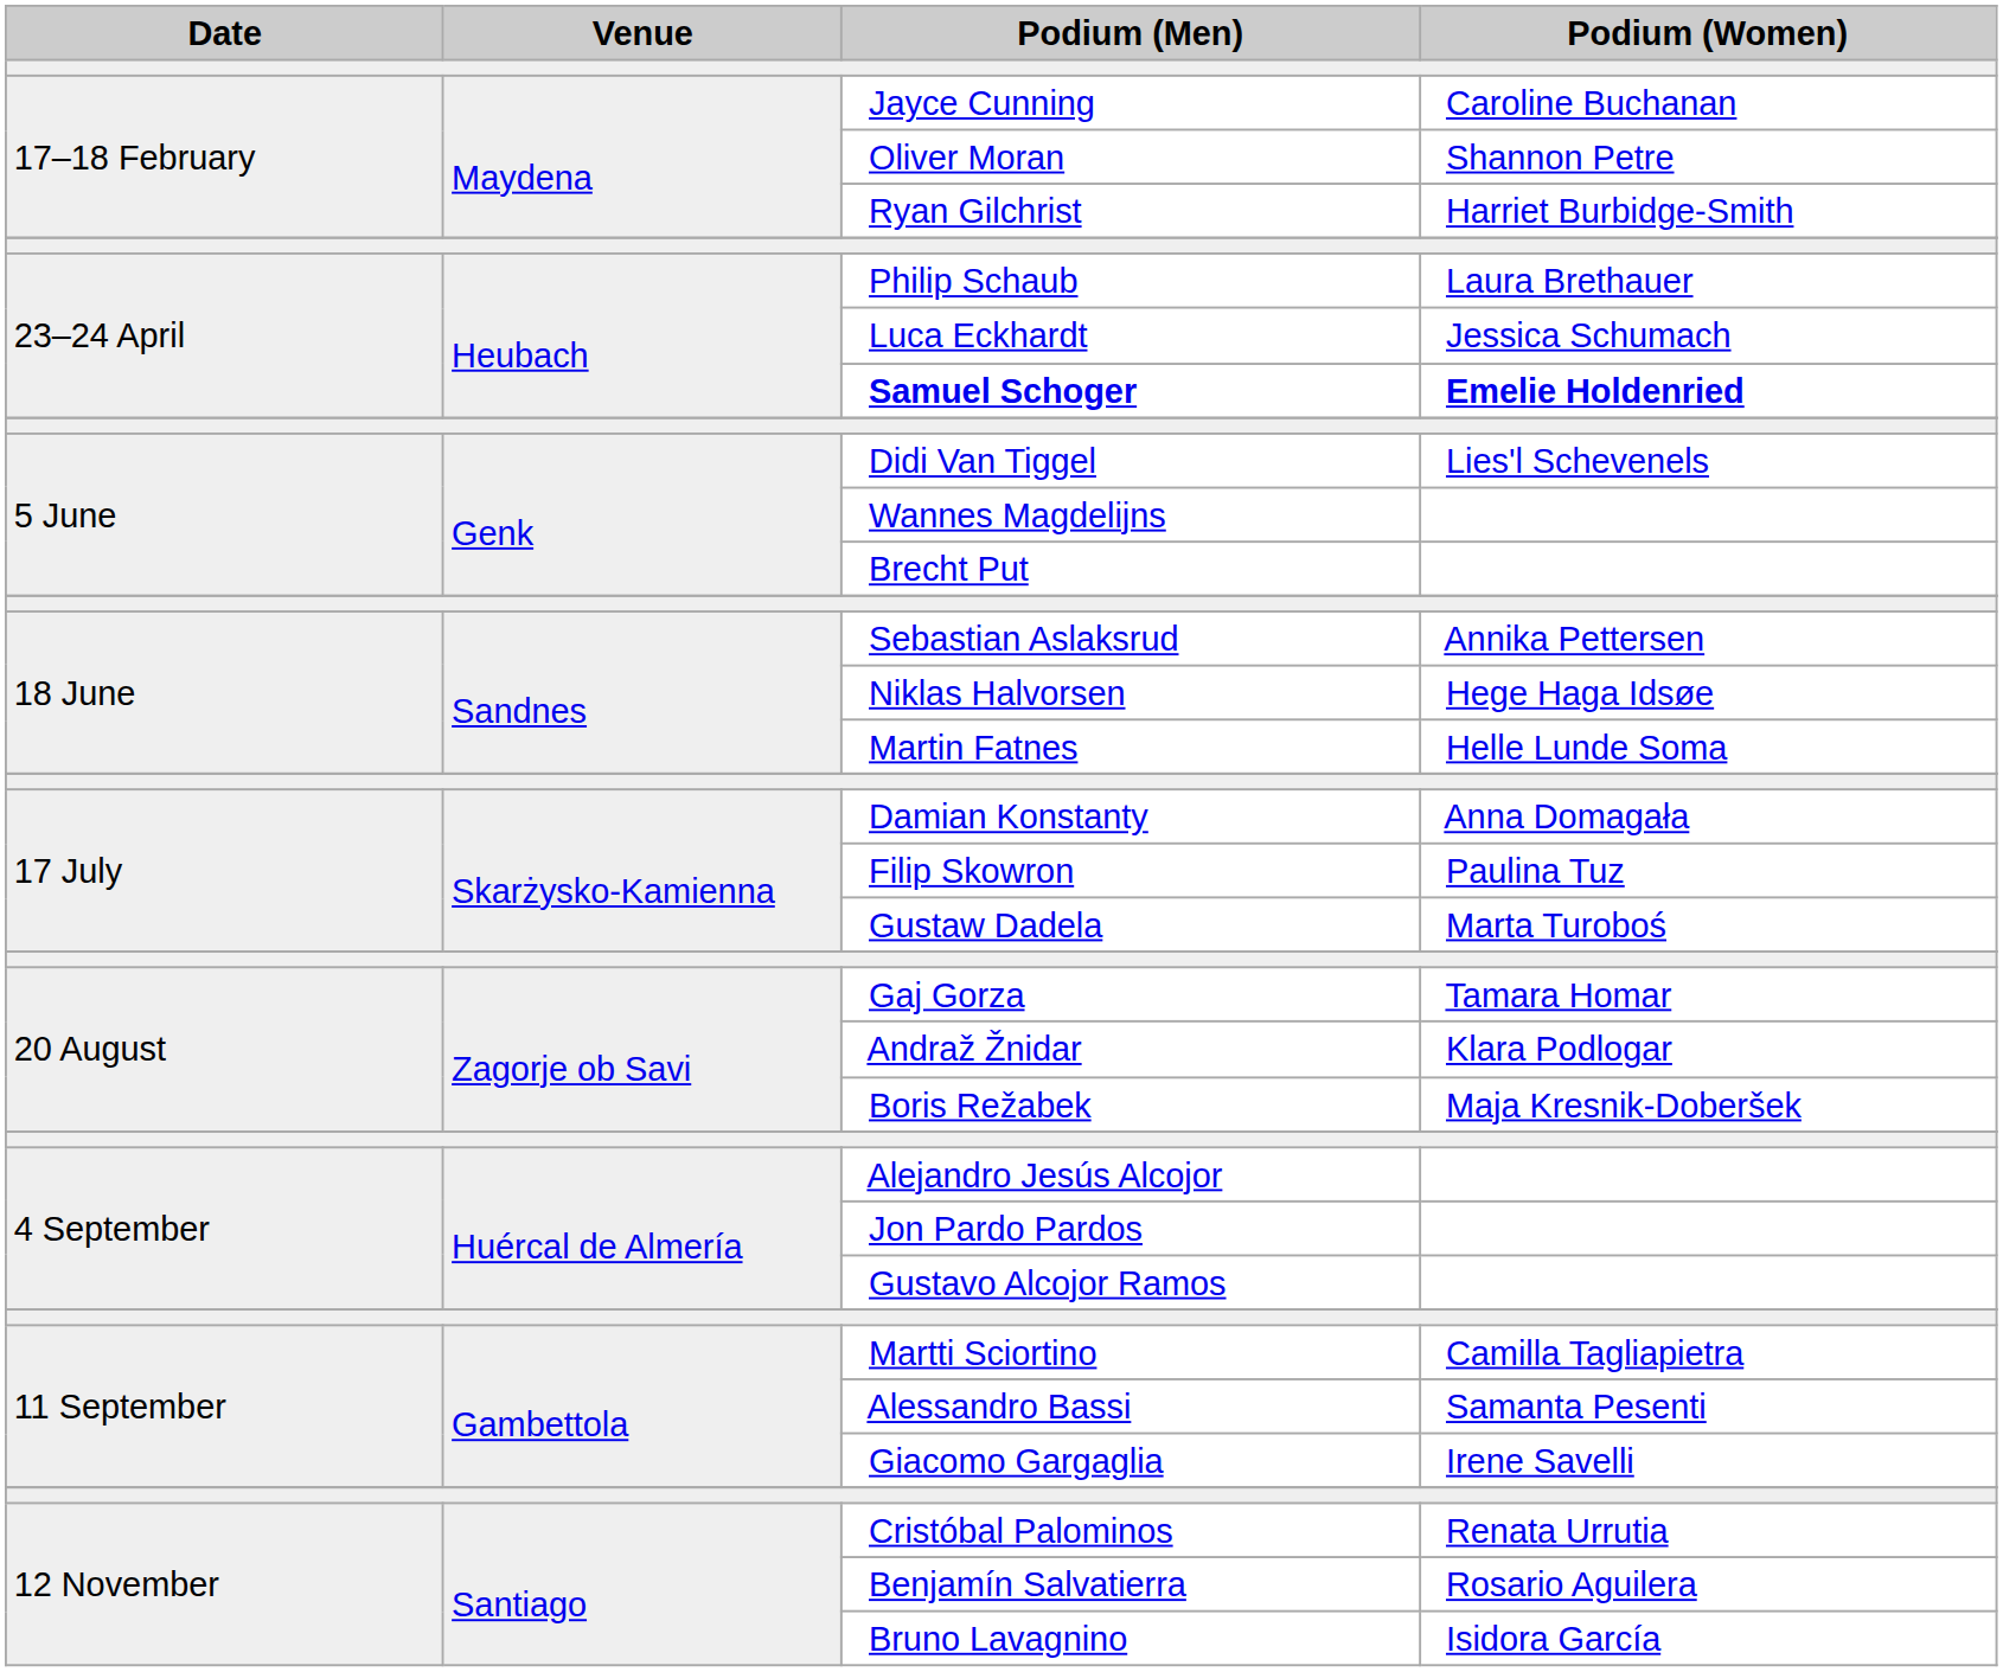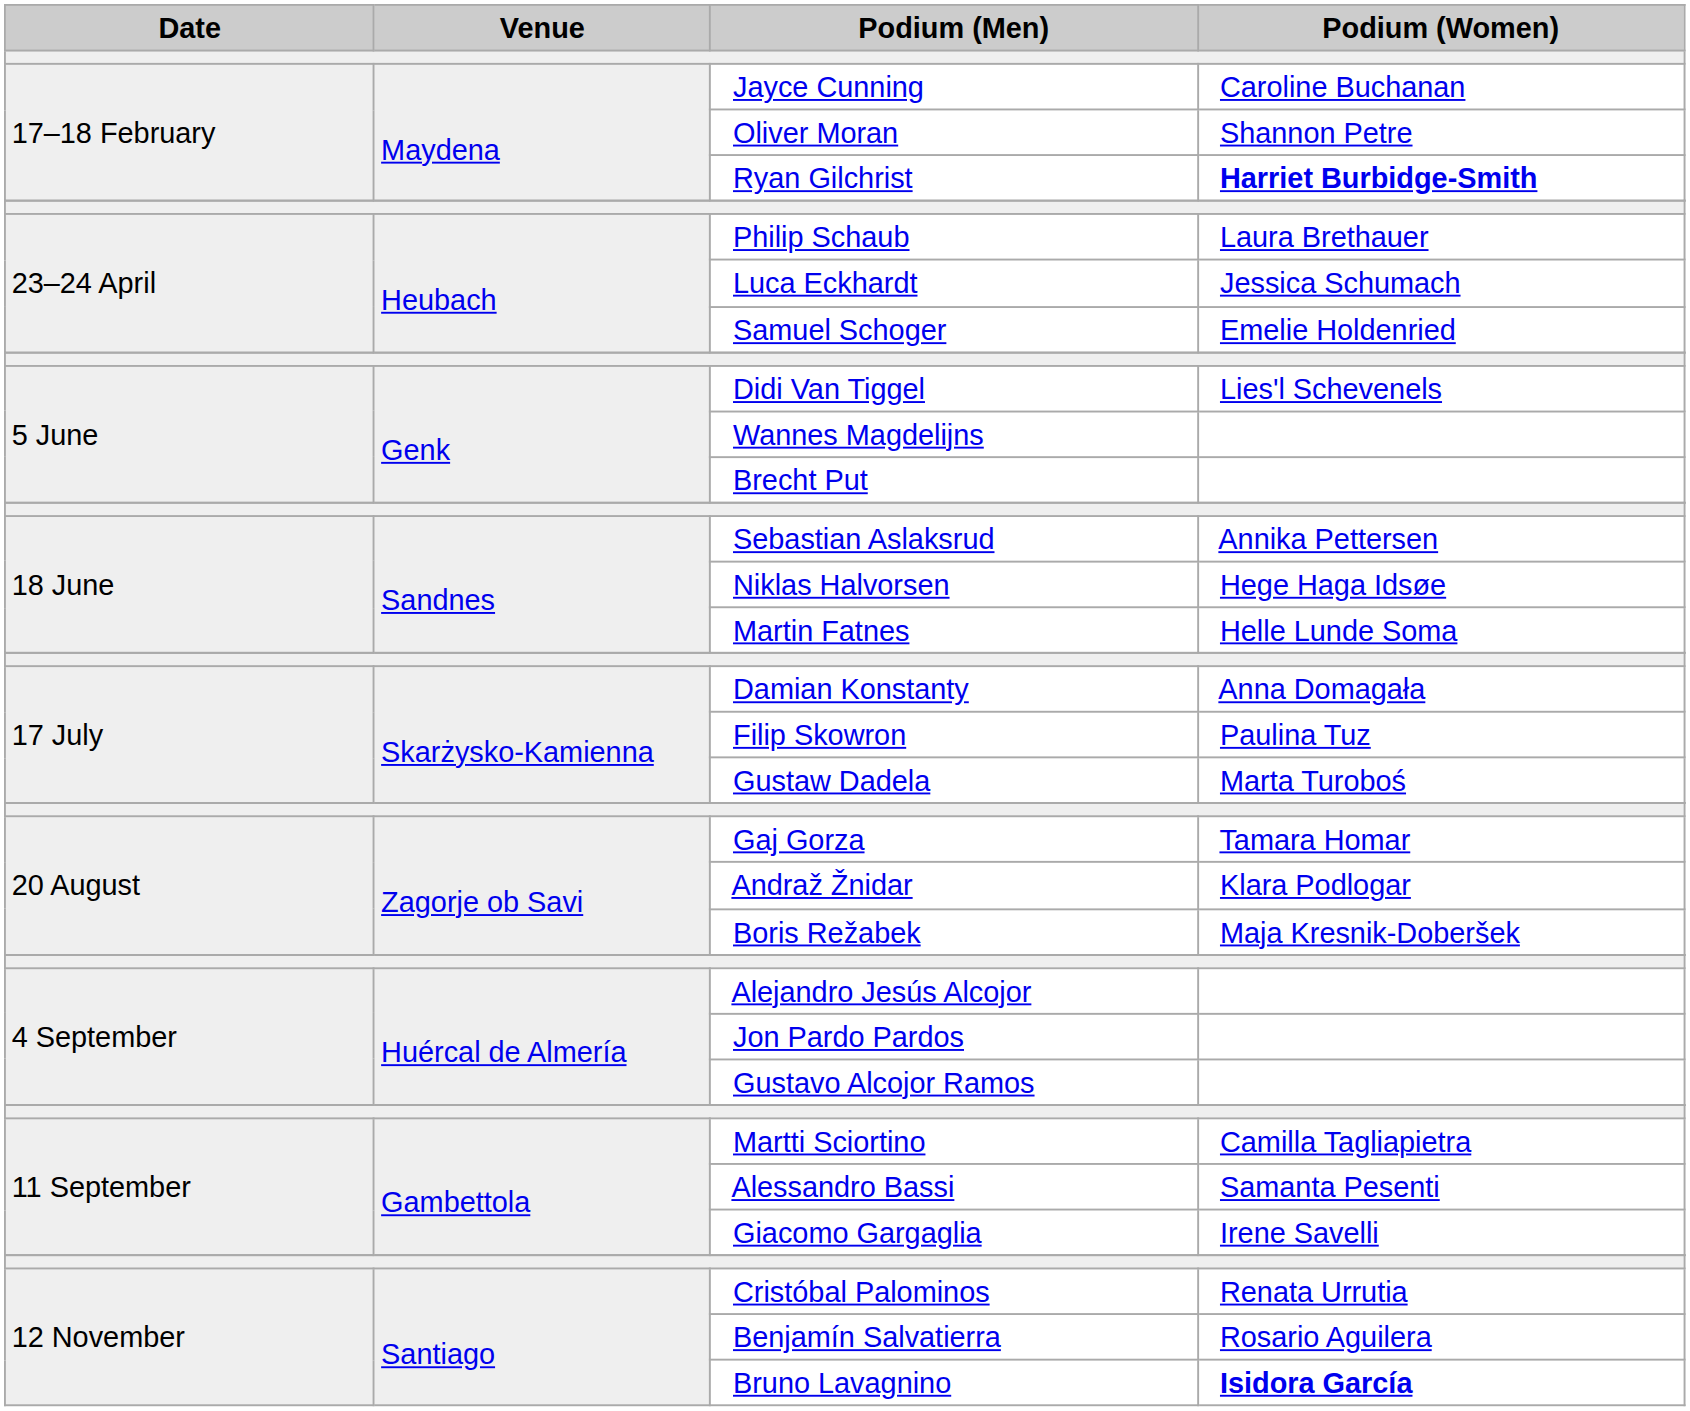 <table class="wikitable" width=70% bgcolor="#f7f8ff" cellpadding="3" cellspacing="0" border="1" style="font-size: 95%; border: gray solid 1px; border-collapse: collapse;">
 <tr bgcolor="#CCCCCC">
 <td align="center"><strong>Date</strong></td>
 <td width=20% align="center"><strong>Venue</strong></td>
 <td width=29% align="center"><strong>Podium (Men)</strong></td>
 <td width=29% align="center"><strong>Podium (Women)</strong></td>
 </tr>
 <tr bgcolor="#EFEFEF">
 <td colspan=4></td>
 </tr>
 <tr bgcolor="#EFEFEF">
 <td rowspan=3>17–18 February</td>
 <td rowspan=3><br><a href='#'>Maydena</a></td>
 <td bgcolor="#ffffff">   <a href='#'>Jayce Cunning</a></td>
 <td bgcolor="#ffffff">   <a href='#'>Caroline Buchanan</a></td>
 </tr>
 <tr>
 <td bgcolor="#ffffff">   <a href='#'>Oliver Moran</a></td>
 <td bgcolor="#ffffff">   <a href='#'>Shannon Petre</a></td>
 </tr>
 <tr>
 <td bgcolor="#ffffff">   <a href='#'>Ryan Gilchrist</a></td>
-<td bgcolor="#ffffff">   <a href='#'>Harriet Burbidge-Smith</a></td>
+<td bgcolor="#ffffff"><strong>   <a href='#'>Harriet Burbidge-Smith</a></strong></td>
 </tr>
 <tr>
 </tr>
 <tr bgcolor="#EFEFEF">
 <td colspan=4></td>
 </tr>
 <tr bgcolor="#EFEFEF">
 <td rowspan=3>23–24 April</td>
 <td rowspan=3><br><a href='#'>Heubach</a></td>
 <td bgcolor="#ffffff">   <a href='#'>Philip Schaub</a></td>
 <td bgcolor="#ffffff">   <a href='#'>Laura Brethauer</a></td>
 </tr>
 <tr>
 <td bgcolor="#ffffff">   <a href='#'>Luca Eckhardt</a></td>
 <td bgcolor="#ffffff">   <a href='#'>Jessica Schumach</a></td>
 </tr>
 <tr>
-<td bgcolor="#ffffff"><strong>   <a href='#'>Samuel Schoger</a></strong></td>
-<td bgcolor="#ffffff"><strong>   <a href='#'>Emelie Holdenried</a></strong></td>
+<td bgcolor="#ffffff">   <a href='#'>Samuel Schoger</a></td>
+<td bgcolor="#ffffff">   <a href='#'>Emelie Holdenried</a></td>
 </tr>
 <tr>
 </tr>
 <tr bgcolor="#EFEFEF">
 <td colspan=4></td>
 </tr>
 <tr bgcolor="#EFEFEF">
 <td rowspan=3>5 June</td>
 <td rowspan=3><br><a href='#'>Genk</a></td>
 <td bgcolor="#ffffff">   <a href='#'>Didi Van Tiggel</a></td>
 <td bgcolor="#ffffff">   <a href='#'>Lies'l Schevenels</a></td>
 </tr>
 <tr>
 <td bgcolor="#ffffff">   <a href='#'>Wannes Magdelijns</a></td>
 <td bgcolor="#ffffff">  </td>
 </tr>
 <tr>
 <td bgcolor="#ffffff">   <a href='#'>Brecht Put</a></td>
 <td bgcolor="#ffffff">  </td>
 </tr>
 <tr>
 </tr>
 <tr bgcolor="#EFEFEF">
 <td colspan=4></td>
 </tr>
 <tr bgcolor="#EFEFEF">
 <td rowspan=3>18 June</td>
 <td rowspan=3><br><a href='#'>Sandnes</a></td>
 <td bgcolor="#ffffff">   <a href='#'>Sebastian Aslaksrud</a></td>
 <td bgcolor="#ffffff">   <a href='#'>Annika Pettersen</a></td>
 </tr>
 <tr>
 <td bgcolor="#ffffff">   <a href='#'>Niklas Halvorsen</a></td>
 <td bgcolor="#ffffff">   <a href='#'>Hege Haga Idsøe</a></td>
 </tr>
 <tr>
 <td bgcolor="#ffffff">   <a href='#'>Martin Fatnes</a></td>
 <td bgcolor="#ffffff">   <a href='#'>Helle Lunde Soma</a></td>
 </tr>
 <tr>
 </tr>
 <tr bgcolor="#EFEFEF">
 <td colspan=4></td>
 </tr>
 <tr bgcolor="#EFEFEF">
 <td rowspan=3>17 July</td>
 <td rowspan=3><br><a href='#'>Skarżysko-Kamienna</a></td>
 <td bgcolor="#ffffff">   <a href='#'>Damian Konstanty</a></td>
 <td bgcolor="#ffffff">   <a href='#'>Anna Domagała</a></td>
 </tr>
 <tr>
 <td bgcolor="#ffffff">   <a href='#'>Filip Skowron</a></td>
 <td bgcolor="#ffffff">   <a href='#'>Paulina Tuz</a></td>
 </tr>
 <tr>
 <td bgcolor="#ffffff">   <a href='#'>Gustaw Dadela</a></td>
 <td bgcolor="#ffffff">   <a href='#'>Marta Turoboś</a></td>
 </tr>
 <tr>
 </tr>
 <tr bgcolor="#EFEFEF">
 <td colspan=4></td>
 </tr>
 <tr bgcolor="#EFEFEF">
 <td rowspan=3>20 August</td>
 <td rowspan=3><br><a href='#'>Zagorje ob Savi</a></td>
 <td bgcolor="#ffffff">   <a href='#'>Gaj Gorza</a></td>
 <td bgcolor="#ffffff">   <a href='#'>Tamara Homar</a></td>
 </tr>
 <tr>
 <td bgcolor="#ffffff">   <a href='#'>Andraž Žnidar</a></td>
 <td bgcolor="#ffffff">   <a href='#'>Klara Podlogar</a></td>
 </tr>
 <tr>
 <td bgcolor="#ffffff">   <a href='#'>Boris Režabek</a></td>
 <td bgcolor="#ffffff">   <a href='#'>Maja Kresnik-Doberšek</a></td>
 </tr>
 <tr>
 </tr>
 <tr bgcolor="#EFEFEF">
 <td colspan=4></td>
 </tr>
 <tr bgcolor="#EFEFEF">
 <td rowspan=3>4 September</td>
 <td rowspan=3><br><a href='#'>Huércal de Almería</a></td>
 <td bgcolor="#ffffff">   <a href='#'>Alejandro Jesús Alcojor</a></td>
 <td bgcolor="#ffffff">  </td>
 </tr>
 <tr>
 <td bgcolor="#ffffff">   <a href='#'>Jon Pardo Pardos</a></td>
 <td bgcolor="#ffffff">  </td>
 </tr>
 <tr>
 <td bgcolor="#ffffff">   <a href='#'>Gustavo Alcojor Ramos</a></td>
 <td bgcolor="#ffffff">  </td>
 </tr>
 <tr>
 </tr>
 <tr bgcolor="#EFEFEF">
 <td colspan=4></td>
 </tr>
 <tr bgcolor="#EFEFEF">
 <td rowspan=3>11 September</td>
 <td rowspan=3><br><a href='#'>Gambettola</a></td>
 <td bgcolor="#ffffff">   <a href='#'>Martti Sciortino</a></td>
 <td bgcolor="#ffffff">   <a href='#'>Camilla Tagliapietra</a></td>
 </tr>
 <tr>
 <td bgcolor="#ffffff">   <a href='#'>Alessandro Bassi</a></td>
 <td bgcolor="#ffffff">   <a href='#'>Samanta Pesenti</a></td>
 </tr>
 <tr>
 <td bgcolor="#ffffff">   <a href='#'>Giacomo Gargaglia</a></td>
 <td bgcolor="#ffffff">   <a href='#'>Irene Savelli</a></td>
 </tr>
 <tr>
 </tr>
 <tr bgcolor="#EFEFEF">
 <td colspan=4></td>
 </tr>
 <tr bgcolor="#EFEFEF">
 <td rowspan=3>12 November</td>
 <td rowspan=3><br><a href='#'>Santiago</a></td>
 <td bgcolor="#ffffff">   <a href='#'>Cristóbal Palominos</a></td>
 <td bgcolor="#ffffff">   <a href='#'>Renata Urrutia</a></td>
 </tr>
 <tr>
 <td bgcolor="#ffffff">   <a href='#'>Benjamín Salvatierra</a></td>
 <td bgcolor="#ffffff">   <a href='#'>Rosario Aguilera</a></td>
 </tr>
 <tr>
 <td bgcolor="#ffffff">   <a href='#'>Bruno Lavagnino</a></td>
-<td bgcolor="#ffffff">   <a href='#'>Isidora García</a></td>
+<td bgcolor="#ffffff"><strong>   <a href='#'>Isidora García</a></strong></td>
 </tr>
 </table>
